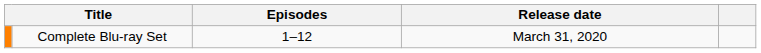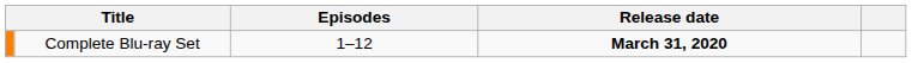 <table class="wikitable" style="text-align: center; width: 70%;">
 <tr>
 <th colspan="2" width="25%">Title</th>
 <th>Episodes</th>
 <th>Release date</th>
 <th width="5%"></th>
 </tr>
 <tr>
 <td rowspan="1" width="1%" style="background: #FF8000"></td>
 <td>Complete Blu-ray Set</td>
 <td>1–12</td>
-<td>March 31, 2020</td>
+<td><strong>March 31, 2020</strong></td>
 <td></td>
 </tr>
 </table>
